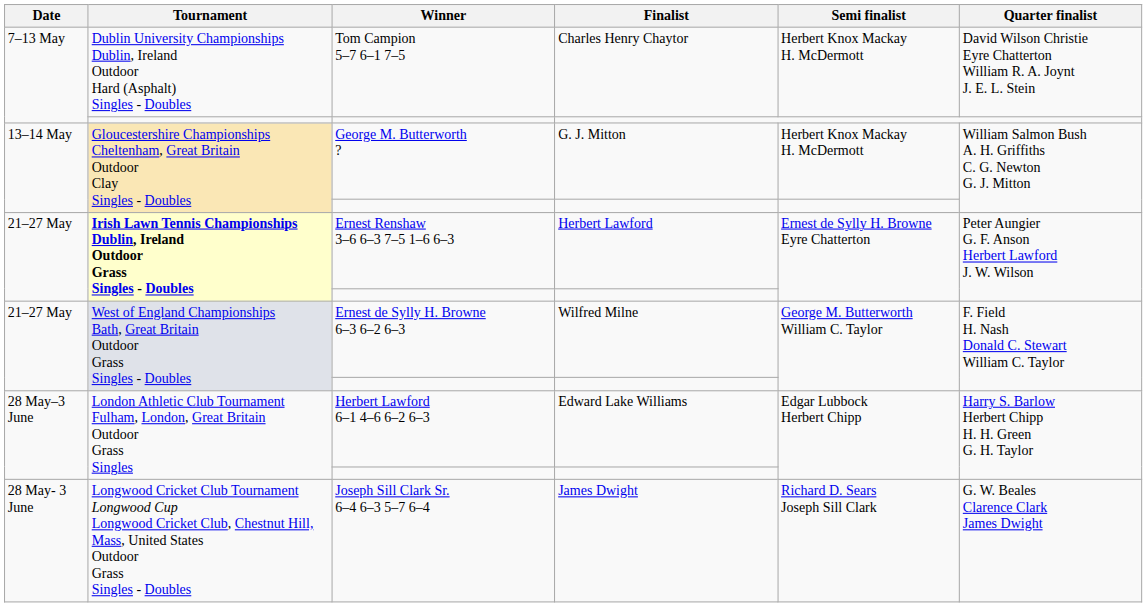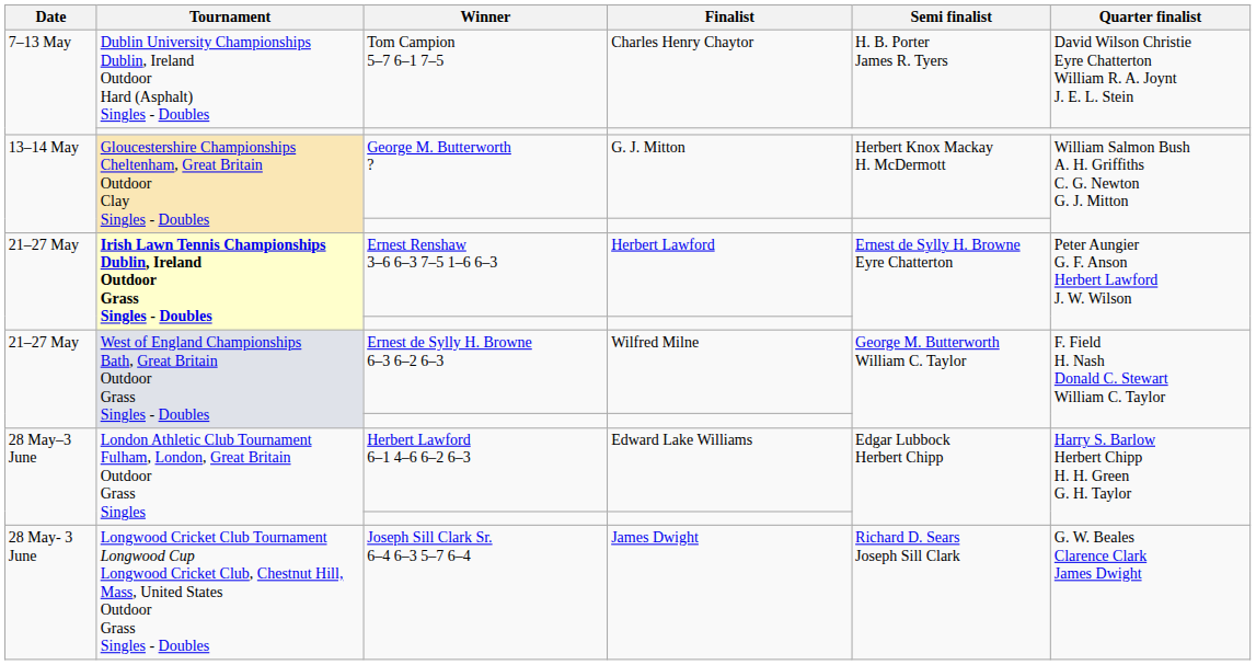 <table class="wikitable" style="font-size:85%;">
 <tr>
 <th width="75">Date</th>
 <th width="230">Tournament</th>
 <th width="210">Winner</th>
 <th width="210">Finalist</th>
 <th width="170">Semi finalist</th>
 <th width="170">Quarter finalist</th>
 </tr>
 <tr valign=top>
 <td rowspan=2>7–13 May</td>
 <td><a href='#'>Dublin University Championships</a> <br><a href='#'>Dublin</a>, Ireland<br>Outdoor<br> Hard (Asphalt)<br><a href='#'>Singles</a> - <a href='#'>Doubles</a></td>
 <td> Tom Campion<br>5–7 6–1 7–5</td>
 <td> Charles Henry Chaytor</td>
-<td> Herbert Knox Mackay<br>   H. McDermott</td>
+<td> H. B. Porter<br>  James R. Tyers</td>
 <td> David Wilson Christie <br>  Eyre Chatterton <br>  William R. A. Joynt <br> J. E. L. Stein<br></td>
 </tr>
 <tr valign=top>
 <td></td>
 <td></td>
 </tr>
 <tr valign=top>
 <td rowspan=2>13–14 May</td>
 <td style="background:#fae7b5" rowspan=2><a href='#'>Gloucestershire Championships</a> <br><a href='#'>Cheltenham</a>, <a href='#'>Great Britain</a><br>Outdoor<br>Clay<br><a href='#'>Singles</a> - <a href='#'>Doubles</a></td>
 <td> <a href='#'>George M. Butterworth</a><br>?</td>
 <td> G. J. Mitton</td>
 <td> Herbert Knox Mackay<br>   H. McDermott</td>
 <td rowspan=2> William Salmon Bush<br>  A. H. Griffiths<br>  C. G. Newton<br>  G. J. Mitton</td>
 </tr>
 <tr valign=top>
 <td></td>
 <td></td>
 </tr>
 <tr valign=top>
 <td rowspan=2>21–27 May</td>
 <td style="background:#ffc;" rowspan=2><strong><a href='#'>Irish Lawn Tennis Championships</a><br><a href='#'>Dublin</a>, Ireland<br>Outdoor<br> Grass <br><a href='#'>Singles</a> - <a href='#'>Doubles</a></strong></td>
 <td> <a href='#'>Ernest Renshaw</a><br>3–6 6–3 7–5 1–6 6–3</td>
 <td> <a href='#'>Herbert Lawford</a></td>
 <td rowspan=2> <a href='#'>Ernest de Sylly H. Browne</a> <br> Eyre Chatterton</td>
 <td rowspan=2> Peter Aungier <br>   G. F. Anson <br>   <a href='#'>Herbert Lawford</a> <br>  J. W. Wilson</td>
 </tr>
 <tr valign=top>
 <td></td>
 <td></td>
 </tr>
 <tr valign=top>
 <td rowspan=2>21–27 May</td>
 <td style="background:#dfe2e9" rowspan=2><a href='#'>West of England Championships</a> <br><a href='#'>Bath</a>, <a href='#'>Great Britain</a><br>Outdoor<br>Grass<br><a href='#'>Singles</a> - <a href='#'>Doubles</a></td>
 <td> <a href='#'>Ernest de Sylly H. Browne</a><br>6–3 6–2 6–3</td>
 <td> Wilfred Milne</td>
 <td rowspan=2> <a href='#'>George M. Butterworth</a> <br> William C. Taylor<br></td>
 <td rowspan=2> F. Field<br>  H. Nash<br>  <a href='#'>Donald C. Stewart</a><br>  William C. Taylor</td>
 </tr>
 <tr valign=top>
 <td></td>
 <td></td>
 </tr>
 <tr valign=top>
 <td rowspan=2>28 May–3 June</td>
 <td rowspan=2><a href='#'>London Athletic Club Tournament</a><br> <a href='#'>Fulham</a>, <a href='#'>London</a>, <a href='#'>Great Britain</a><br>Outdoor<br>Grass<br><a href='#'>Singles</a></td>
 <td> <a href='#'>Herbert Lawford</a><br>6–1 4–6 6–2 6–3</td>
 <td>  Edward Lake Williams</td>
 <td rowspan=2>  Edgar Lubbock  <br>  Herbert Chipp</td>
 <td rowspan=2> <a href='#'>Harry S. Barlow</a><br> Herbert Chipp <br>  H. H. Green<br>  G. H. Taylor</td>
 </tr>
 <tr valign=top>
 <td></td>
 <td></td>
 </tr>
 <tr valign=top>
 <td rowspan=2>28 May- 3 June</td>
 <td rowspan=2><a href='#'>Longwood Cricket Club Tournament</a> <br><em>Longwood Cup</em><br><a href='#'>Longwood Cricket Club</a>, <a href='#'>Chestnut Hill, Mass</a>, United States<br>Outdoor<br>Grass<br><a href='#'>Singles</a> - <a href='#'>Doubles</a></td>
 <td> <a href='#'>Joseph Sill Clark Sr.</a><br>6–4 6–3 5–7 6–4</td>
 <td> <a href='#'>James Dwight</a></td>
 <td rowspan=2> <a href='#'>Richard D. Sears</a><br>  Joseph Sill Clark</td>
 <td rowspan=2> G. W. Beales <br>  <a href='#'>Clarence Clark</a><br>  <a href='#'>James Dwight</a></td>
 </tr>
 </table>
